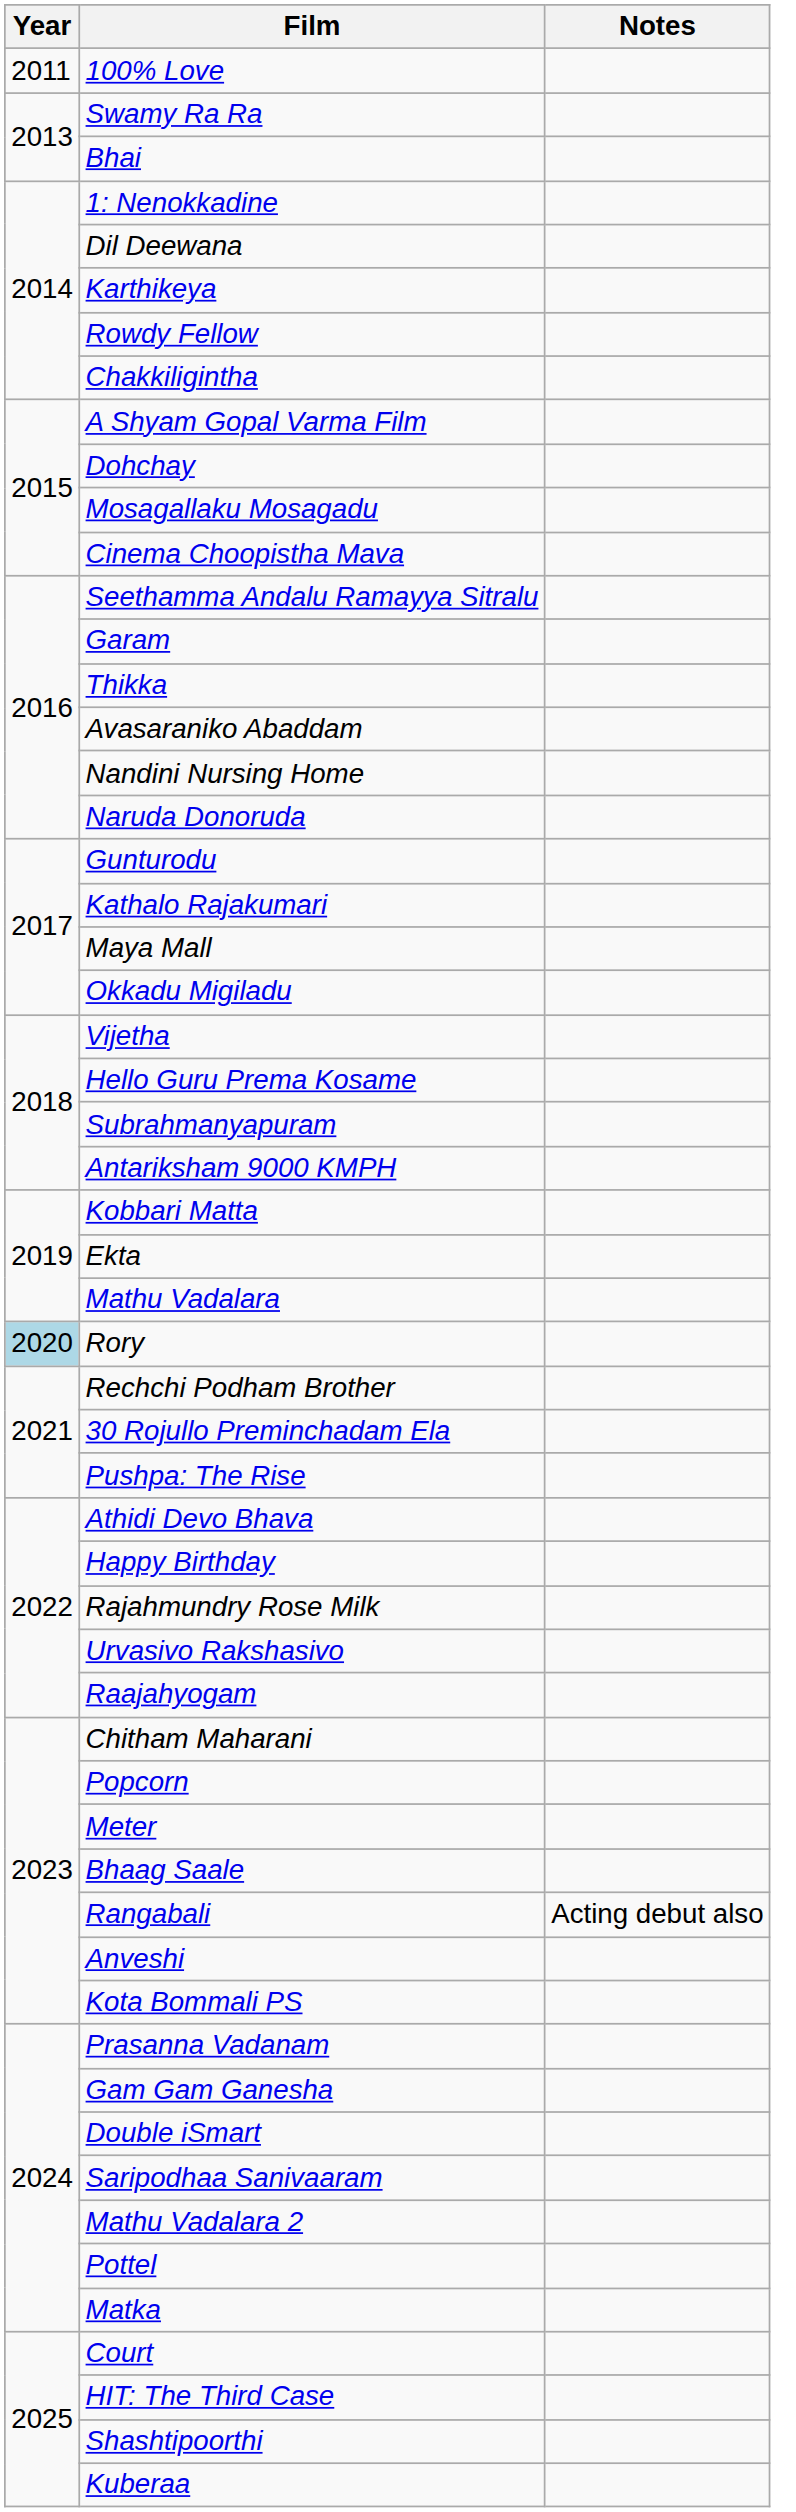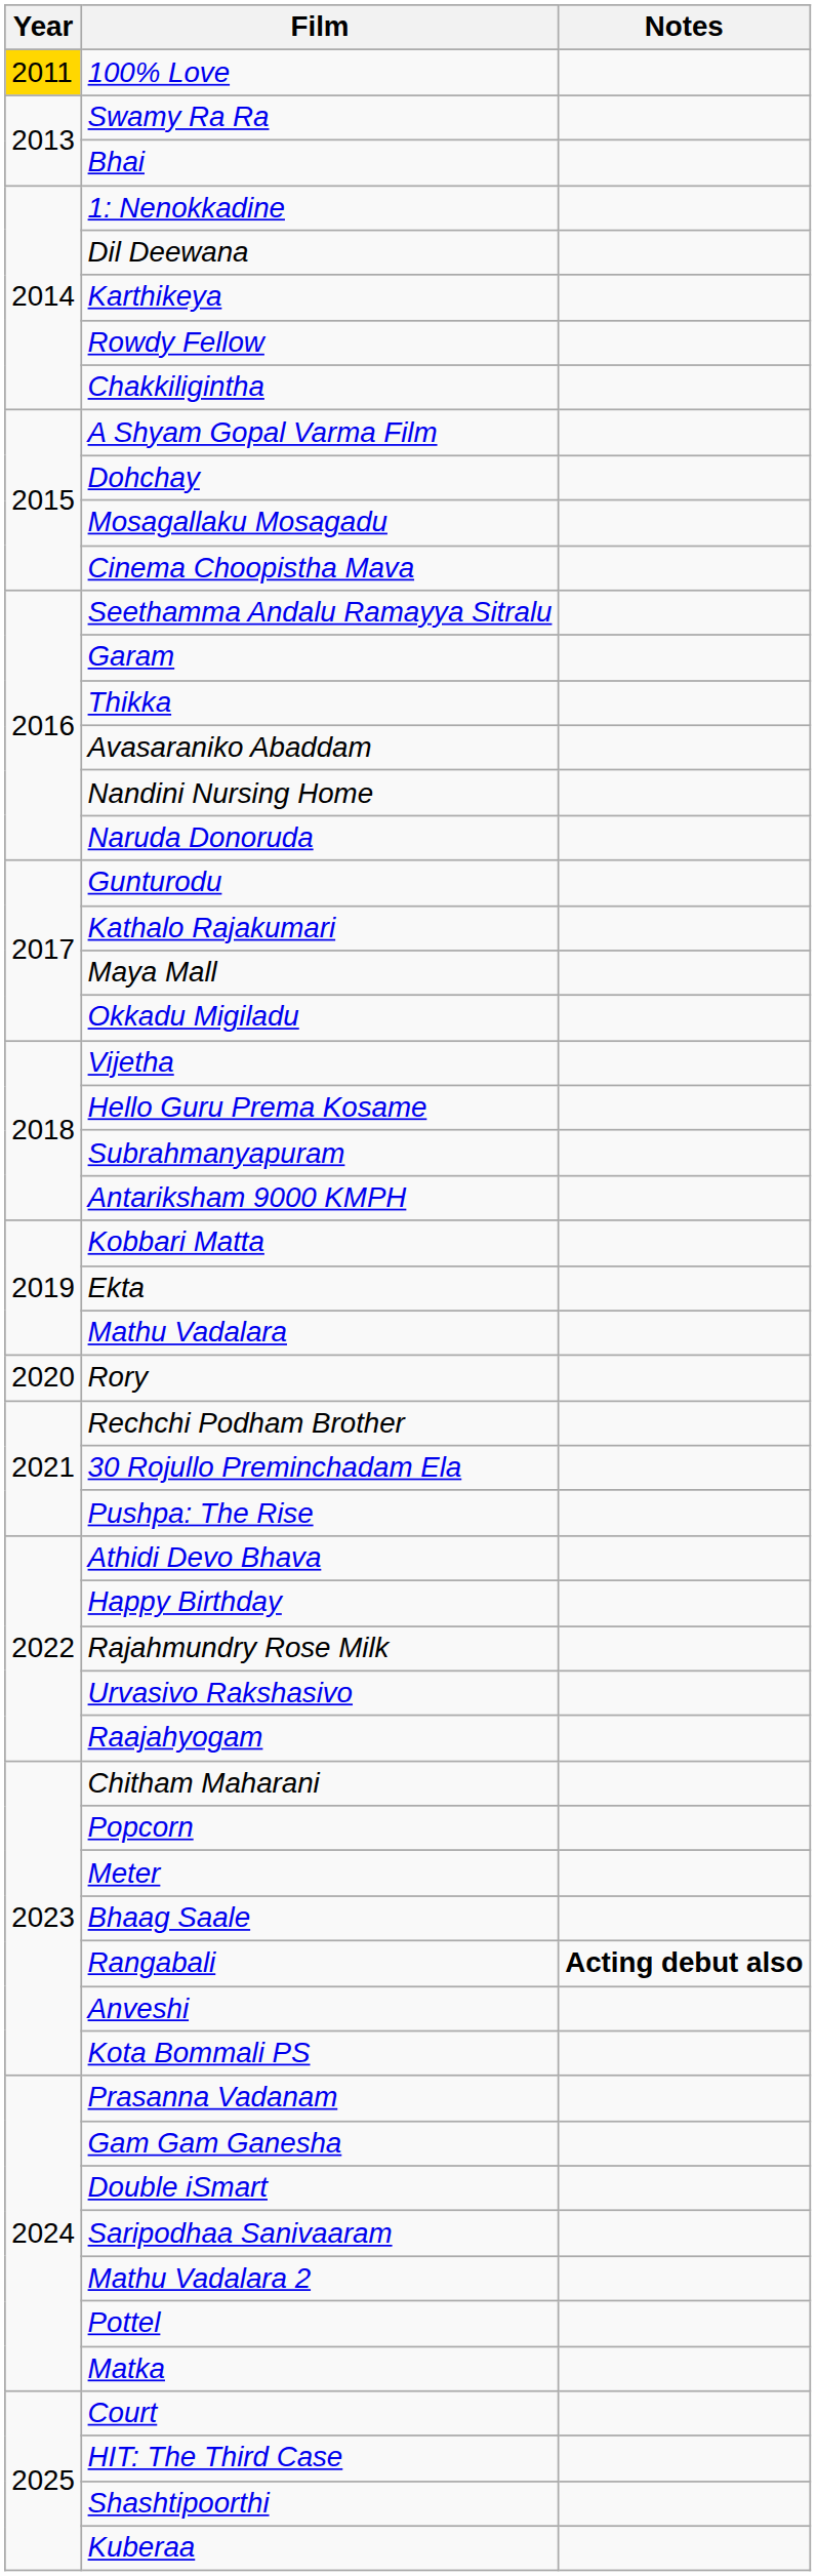 <table class="wikitable">
 <tr>
 <th>Year</th>
 <th>Film</th>
 <th>Notes</th>
 </tr>
 <tr>
-<td>2011</td>
+<td style="background: gold;">2011</td>
 <td><a href='#'><em>100% Love</em></a></td>
 <td></td>
 </tr>
 <tr>
 <td rowspan="2">2013</td>
 <td><em><a href='#'>Swamy Ra Ra</a></em></td>
 <td></td>
 </tr>
 <tr>
 <td><a href='#'><em>Bhai</em></a></td>
 <td></td>
 </tr>
 <tr>
 <td rowspan="5">2014</td>
 <td><em><a href='#'>1: Nenokkadine</a></em></td>
 <td></td>
 </tr>
 <tr>
 <td><em>Dil Deewana</em></td>
 <td></td>
 </tr>
 <tr>
 <td><a href='#'><em>Karthikeya</em></a></td>
 <td></td>
 </tr>
 <tr>
 <td><em><a href='#'>Rowdy Fellow</a></em></td>
 <td></td>
 </tr>
 <tr>
 <td><em><a href='#'>Chakkiligintha</a></em></td>
 <td></td>
 </tr>
 <tr>
 <td rowspan="4">2015</td>
 <td><em><a href='#'>A Shyam Gopal Varma Film</a></em></td>
 <td></td>
 </tr>
 <tr>
 <td><em><a href='#'>Dohchay</a></em></td>
 <td></td>
 </tr>
 <tr>
 <td><a href='#'><em>Mosagallaku Mosagadu</em></a></td>
 <td></td>
 </tr>
 <tr>
 <td><em><a href='#'>Cinema Choopistha Mava</a></em></td>
 <td></td>
 </tr>
 <tr>
 <td rowspan="6">2016</td>
 <td><em><a href='#'>Seethamma Andalu Ramayya Sitralu</a></em></td>
 <td></td>
 </tr>
 <tr>
 <td><a href='#'><em>Garam</em></a></td>
 <td></td>
 </tr>
 <tr>
 <td><em><a href='#'>Thikka</a></em></td>
 <td></td>
 </tr>
 <tr>
 <td><em>Avasaraniko Abaddam</em></td>
 <td></td>
 </tr>
 <tr>
 <td><em>Nandini Nursing Home</em></td>
 <td></td>
 </tr>
 <tr>
 <td><em><a href='#'>Naruda Donoruda</a></em></td>
 <td></td>
 </tr>
 <tr>
 <td rowspan="4">2017</td>
 <td><em><a href='#'>Gunturodu</a></em></td>
 <td></td>
 </tr>
 <tr>
 <td><em><a href='#'>Kathalo Rajakumari</a></em></td>
 <td></td>
 </tr>
 <tr>
 <td><em>Maya Mall</em></td>
 <td></td>
 </tr>
 <tr>
 <td><em><a href='#'>Okkadu Migiladu</a></em></td>
 <td></td>
 </tr>
 <tr>
 <td rowspan="4">2018</td>
 <td><a href='#'><em>Vijetha</em></a></td>
 <td></td>
 </tr>
 <tr>
 <td><em><a href='#'>Hello Guru Prema Kosame</a></em></td>
 <td></td>
 </tr>
 <tr>
 <td><em><a href='#'>Subrahmanyapuram</a></em></td>
 <td></td>
 </tr>
 <tr>
 <td><em><a href='#'>Antariksham 9000 KMPH</a></em></td>
 <td></td>
 </tr>
 <tr>
 <td rowspan="3">2019</td>
 <td><em><a href='#'>Kobbari Matta</a></em></td>
 <td></td>
 </tr>
 <tr>
 <td><em>Ekta</em></td>
 <td></td>
 </tr>
 <tr>
 <td><em><a href='#'>Mathu Vadalara</a></em></td>
 <td></td>
 </tr>
 <tr>
-<td style="background: lightblue;">2020</td>
+<td>2020</td>
 <td><em>Rory</em></td>
 <td></td>
 </tr>
 <tr>
 <td rowspan="3">2021</td>
 <td><em>Rechchi Podham Brother</em></td>
 <td></td>
 </tr>
 <tr>
 <td><em><a href='#'>30 Rojullo Preminchadam Ela</a></em></td>
 <td></td>
 </tr>
 <tr>
 <td><em><a href='#'>Pushpa: The Rise</a></em></td>
 <td></td>
 </tr>
 <tr>
 <td rowspan="5">2022</td>
 <td><a href='#'><em>Athidi Devo Bhava</em></a></td>
 <td></td>
 </tr>
 <tr>
 <td><a href='#'><em>Happy Birthday</em></a></td>
 <td></td>
 </tr>
 <tr>
 <td><em>Rajahmundry Rose Milk</em></td>
 <td></td>
 </tr>
 <tr>
 <td><em><a href='#'>Urvasivo Rakshasivo</a></em></td>
 <td></td>
 </tr>
 <tr>
 <td><em><a href='#'>Raajahyogam</a></em></td>
 <td></td>
 </tr>
 <tr>
 <td rowspan="7">2023</td>
 <td><em>Chitham Maharani</em></td>
 <td></td>
 </tr>
 <tr>
 <td><em><a href='#'>Popcorn</a></em></td>
 <td></td>
 </tr>
 <tr>
 <td><em><a href='#'>Meter</a></em></td>
 <td></td>
 </tr>
 <tr>
 <td><em><a href='#'>Bhaag Saale</a></em></td>
 <td></td>
 </tr>
 <tr>
 <td><em><a href='#'>Rangabali</a></em></td>
-<td>Acting debut also</td>
+<td><strong>Acting debut also</strong></td>
 </tr>
 <tr>
 <td><em><a href='#'>Anveshi</a></em></td>
 <td></td>
 </tr>
 <tr>
 <td><em><a href='#'>Kota Bommali PS</a></em></td>
 <td></td>
 </tr>
 <tr>
 <td rowspan="7">2024</td>
 <td><em><a href='#'>Prasanna Vadanam</a></em></td>
 <td></td>
 </tr>
 <tr>
 <td><em><a href='#'>Gam Gam Ganesha</a></em></td>
 <td></td>
 </tr>
 <tr>
 <td><em><a href='#'>Double iSmart</a></em></td>
 <td></td>
 </tr>
 <tr>
 <td><em><a href='#'>Saripodhaa Sanivaaram</a></em></td>
 <td></td>
 </tr>
 <tr>
 <td><em><a href='#'>Mathu Vadalara 2</a></em></td>
 <td></td>
 </tr>
 <tr>
 <td><em><a href='#'>Pottel</a></em></td>
 <td></td>
 </tr>
 <tr>
 <td><em><a href='#'>Matka</a></em></td>
 <td></td>
 </tr>
 <tr>
 <td rowspan="4">2025</td>
 <td><a href='#'><em>Court</em></a></td>
 <td></td>
 </tr>
 <tr>
 <td><em><a href='#'>HIT: The Third Case</a></em></td>
 <td></td>
 </tr>
 <tr>
 <td><em><a href='#'>Shashtipoorthi</a></em></td>
 <td></td>
 </tr>
 <tr>
 <td><em><a href='#'>Kuberaa</a></em></td>
 <td></td>
 </tr>
 </table>
